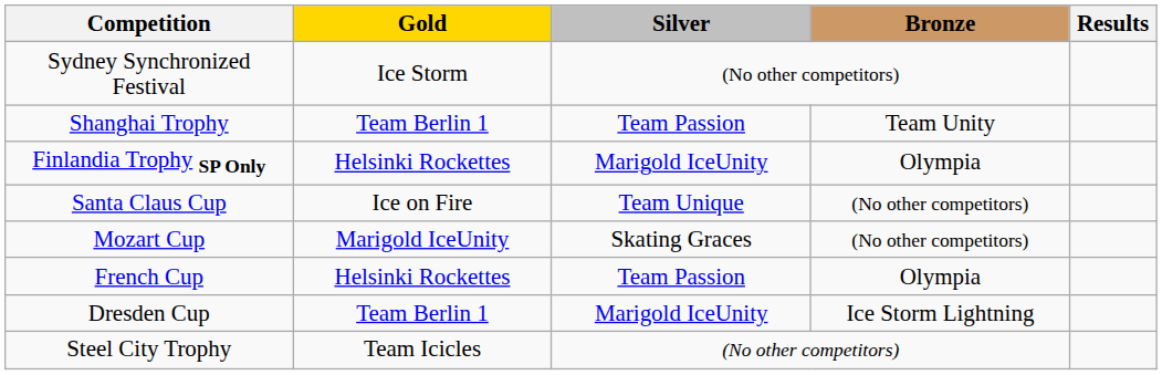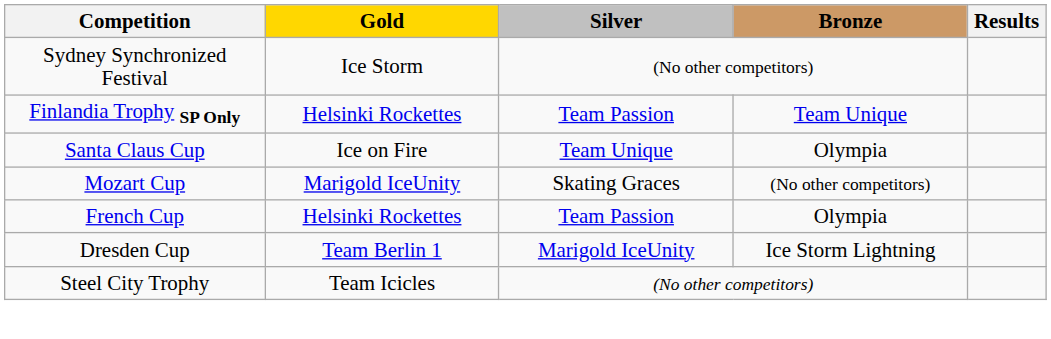 <table class="wikitable" style="text-align:center; width:90%;">
 <tr>
 <th scope="col" style="text-align:center; width:25%;">Competition</th>
 <td scope="col" style="text-align:center; width:22.5%; background:gold"><strong>Gold</strong></td>
 <td scope="col" style="text-align:center; width:22.5%; background:silver"><strong>Silver</strong></td>
 <td scope="col" style="text-align:center; width:22.5%; background:#c96"><strong>Bronze</strong></td>
 <th scope="col" style="text-align:center; width:7.5%;">Results</th>
 </tr>
 <tr>
 <td align="center">Sydney Synchronized Festival</td>
 <td>Ice Storm</td>
 <td colspan="2"><small>(No other competitors)</small></td>
 <td></td>
 </tr>
 <tr>
-<td><a href='#'>Shanghai Trophy</a></td>
-<td><a href='#'>Team Berlin 1</a></td>
-<td><a href='#'>Team Passion</a></td>
-<td>Team Unity</td>
-<td></td>
-</tr>
-<tr>
 <td><a href='#'>Finlandia Trophy</a> <strong><sub>SP Only</sub></strong></td>
 <td><a href='#'>Helsinki Rockettes</a></td>
-<td><a href='#'>Marigold IceUnity</a></td>
-<td>Olympia</td>
+<td><a href='#'>Team Passion</a></td>
+<td><a href='#'>Team Unique</a></td>
 <td></td>
 </tr>
 <tr>
 <td><a href='#'>Santa Claus Cup</a></td>
 <td>Ice on Fire</td>
 <td><a href='#'>Team Unique</a></td>
-<td><small>(No other competitors)</small></td>
+<td>Olympia</td>
 <td></td>
 </tr>
 <tr>
 <td><a href='#'>Mozart Cup</a></td>
 <td><a href='#'>Marigold IceUnity</a></td>
 <td>Skating Graces</td>
 <td><small>(No other competitors)</small></td>
 <td></td>
 </tr>
 <tr>
 <td><a href='#'>French Cup</a></td>
 <td><a href='#'>Helsinki Rockettes</a></td>
 <td><a href='#'>Team Passion</a></td>
 <td>Olympia</td>
 <td></td>
 </tr>
 <tr>
 <td>Dresden Cup</td>
 <td><a href='#'>Team Berlin 1</a></td>
 <td><a href='#'>Marigold IceUnity</a></td>
 <td>Ice Storm Lightning</td>
 <td></td>
 </tr>
 <tr>
 <td>Steel City Trophy</td>
 <td>Team Icicles</td>
 <td colspan="2"><small><em>(No other competitors)</em></small></td>
 <td></td>
 </tr>
 </table>
